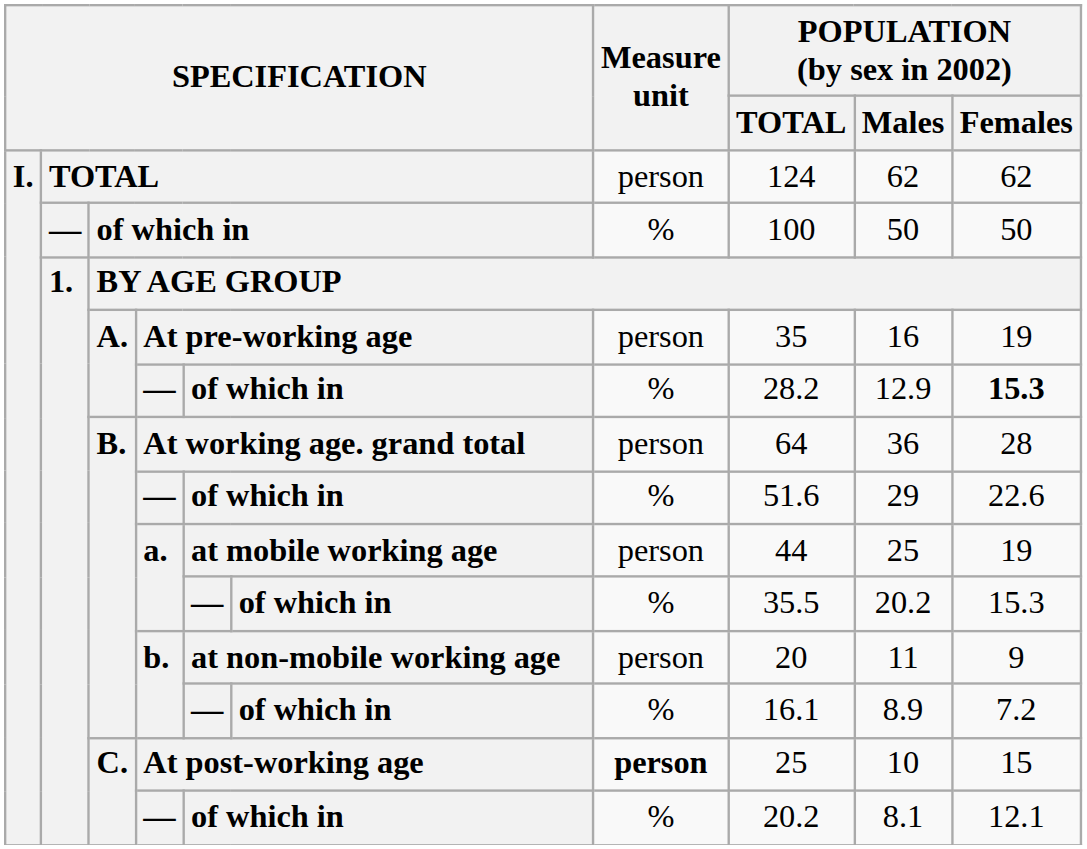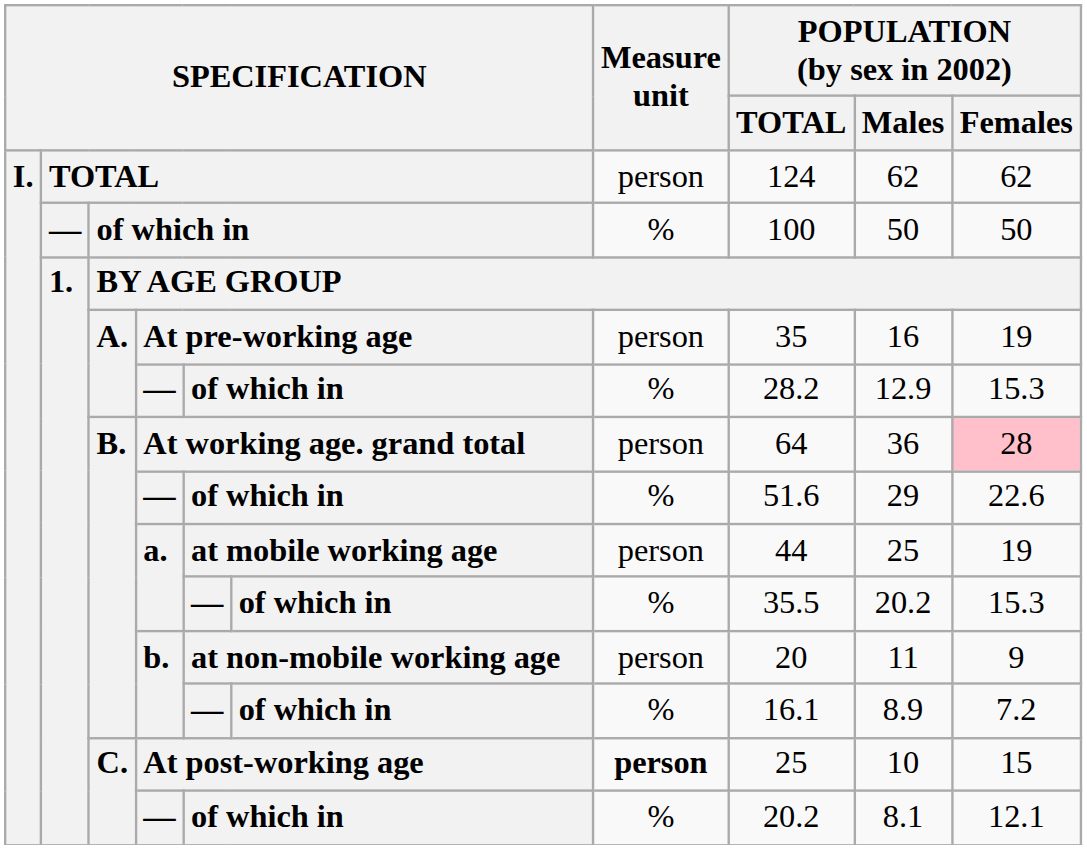 <table class="wikitable" style="font-size:85%; text-align:center">
 <tr>
 <th rowspan="2" colspan="6">SPECIFICATION</th>
 <th rowspan="2">Measure<br> unit</th>
 <th colspan="3" rowspan="1">POPULATION<br> (by sex in 2002)</th>
 </tr>
 <tr>
 <th>TOTAL</th>
 <th>Males</th>
 <th>Females</th>
 </tr>
 <tr>
 <th style="text-align:left" valign="top" rowspan="13">I.</th>
 <th style="text-align:left" colspan="5">TOTAL</th>
 <td>person</td>
 <td>124</td>
 <td>62</td>
 <td>62</td>
 </tr>
 <tr>
 <th style="text-align:left" valign="top">—</th>
 <th style="text-align:left" colspan="4">of which in</th>
 <td>%</td>
 <td>100</td>
 <td>50</td>
 <td>50</td>
 </tr>
 <tr>
 <th style="text-align:left" valign="top" rowspan="11">1.</th>
 <th style="text-align:left" colspan="19">BY AGE GROUP</th>
 </tr>
 <tr>
 <th style="text-align:left" valign="top" rowspan="2">A.</th>
 <th style="text-align:left" colspan="3">At pre-working age</th>
 <td>person</td>
 <td>35</td>
 <td>16</td>
 <td>19</td>
 </tr>
 <tr>
 <th style="text-align:left" valign="top">—</th>
 <th style="text-align:left" valign="top" colspan="2">of which in</th>
 <td>%</td>
 <td>28.2</td>
 <td>12.9</td>
-<td><strong>15.3</strong></td>
+<td>15.3</td>
 </tr>
 <tr>
 <th style="text-align:left" valign="top" rowspan="6">B.</th>
 <th style="text-align:left" colspan="3">At working age. grand total</th>
 <td>person</td>
 <td>64</td>
 <td>36</td>
-<td>28</td>
+<td style="background: pink;">28</td>
 </tr>
 <tr>
 <th style="text-align:left" valign="top">—</th>
 <th style="text-align:left" valign="top" colspan="2">of which in</th>
 <td>%</td>
 <td>51.6</td>
 <td>29</td>
 <td>22.6</td>
 </tr>
 <tr>
 <th style="text-align:left" valign="top" rowspan="2">a.</th>
 <th style="text-align:left" colspan="2">at mobile working age</th>
 <td>person</td>
 <td>44</td>
 <td>25</td>
 <td>19</td>
 </tr>
 <tr>
 <th style="text-align:left" valign="top">—</th>
 <th style="text-align:left" valign="top" colspan="1">of which in                        </th>
 <td>%</td>
 <td>35.5</td>
 <td>20.2</td>
 <td>15.3</td>
 </tr>
 <tr>
 <th style="text-align:left" valign="top" rowspan="2">b.</th>
 <th style="text-align:left" colspan="2">at non-mobile working age</th>
 <td>person</td>
 <td>20</td>
 <td>11</td>
 <td>9</td>
 </tr>
 <tr>
 <th style="text-align:left" valign="top">—</th>
 <th style="text-align:left" valign="top" colspan="1">of which in                        </th>
 <td>%</td>
 <td>16.1</td>
 <td>8.9</td>
 <td>7.2</td>
 </tr>
 <tr>
 <th style="text-align:left" valign="top" rowspan="2">C.</th>
 <th style="text-align:left" colspan="3">At post-working age</th>
 <td><strong>person</strong></td>
 <td>25</td>
 <td>10</td>
 <td>15</td>
 </tr>
 <tr>
 <th style="text-align:left" valign="top">—</th>
 <th style="text-align:left" valign="top" colspan="2">of which in</th>
 <td>%</td>
 <td>20.2</td>
 <td>8.1</td>
 <td>12.1</td>
 </tr>
 </table>
